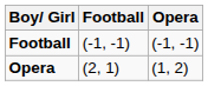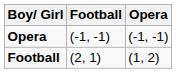 <table class="wikitable">
 <tr>
 <th>Boy/ Girl</th>
 <th>Football</th>
 <th>Opera</th>
 </tr>
 <tr>
-<td><strong>Football</strong></td>
+<td><strong>Opera</strong></td>
 <td>(-1, -1)</td>
 <td>(-1, -1)</td>
 </tr>
 <tr>
-<td><strong>Opera</strong></td>
+<td><strong>Football</strong></td>
 <td>(2, 1)</td>
 <td>(1, 2)</td>
 </tr>
 </table>
